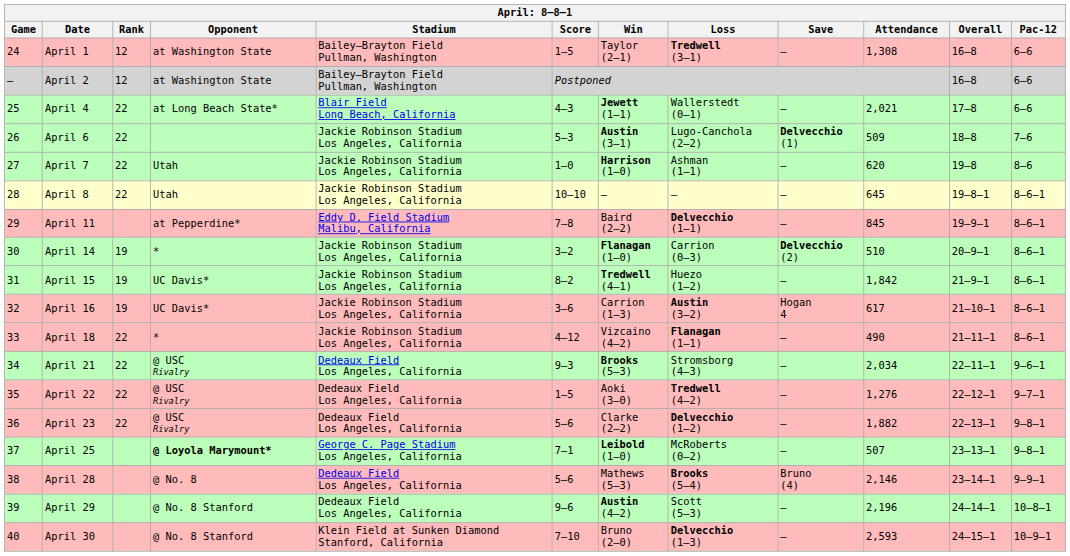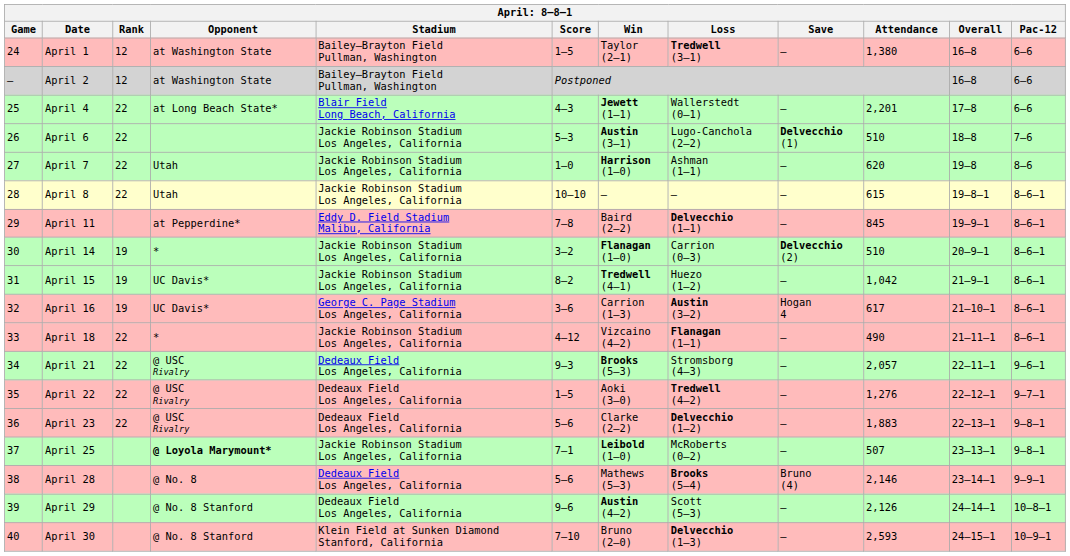 <table class="wikitable collapsible collapsed" style="margin:auto; font-size:95%; width:100%">
 <tr>
 <th colspan=12>April: 8–8–1</th>
 </tr>
 <tr>
 <th>Game</th>
 <th>Date</th>
 <th>Rank</th>
 <th>Opponent</th>
 <th>Stadium</th>
 <th>Score</th>
 <th>Win</th>
 <th>Loss</th>
 <th>Save</th>
 <th>Attendance</th>
 <th>Overall</th>
 <th>Pac-12</th>
 </tr>
 <tr style="background:  #fbb;">
 <td>24</td>
 <td>April 1</td>
 <td>12</td>
 <td>at  Washington State</td>
 <td>Bailey–Brayton Field<br>Pullman, Washington</td>
 <td>1–5</td>
 <td>Taylor <br>(2–1)</td>
 <td><strong>Tredwell</strong> <br>(3–1)</td>
 <td>—</td>
-<td>1,308</td>
+<td>1,380</td>
 <td>16–8</td>
 <td>6–6</td>
 </tr>
 <tr bgcolor="d3d3d3">
 <td>–</td>
 <td>April 2</td>
 <td>12</td>
 <td>at  Washington State</td>
 <td>Bailey–Brayton Field<br>Pullman, Washington</td>
 <td colspan="5"><em>Postponed</em> <br></td>
 <td>16–8</td>
 <td>6–6</td>
 </tr>
 <tr style="background:  #bfb;">
 <td>25</td>
 <td>April 4</td>
 <td>22</td>
 <td>at Long Beach State*</td>
 <td><a href='#'>Blair Field</a><br><a href='#'>Long Beach, California</a></td>
 <td>4–3<br></td>
 <td><strong>Jewett</strong><br>(1–1)</td>
 <td>Wallerstedt <br>(0–1)</td>
 <td>—</td>
-<td>2,021</td>
+<td>2,201</td>
 <td>17–8</td>
 <td>6–6</td>
 </tr>
 <tr style="background:  #bfb;">
 <td>26</td>
 <td>April 6</td>
 <td>22</td>
 <td></td>
 <td>Jackie Robinson Stadium<br>Los Angeles, California</td>
 <td>5–3</td>
 <td><strong>Austin</strong> <br>(3–1)</td>
 <td>Lugo-Canchola<br>(2–2)</td>
 <td><strong>Delvecchio</strong><br>(1)</td>
-<td>509</td>
+<td>510</td>
 <td>18–8</td>
 <td>7–6</td>
 </tr>
 <tr style="background:  #bfb;">
 <td>27</td>
 <td>April 7</td>
 <td>22</td>
 <td>Utah</td>
 <td>Jackie Robinson Stadium<br>Los Angeles, California</td>
 <td>1–0</td>
 <td><strong>Harrison</strong><br>(1–0)</td>
 <td>Ashman <br>(1–1)</td>
 <td>—</td>
 <td>620</td>
 <td>19–8</td>
 <td>8–6</td>
 </tr>
 <tr style="background: #ffc">
 <td>28</td>
 <td>April 8</td>
 <td>22</td>
 <td>Utah</td>
 <td>Jackie Robinson Stadium<br>Los Angeles, California</td>
 <td>10–10</td>
 <td>—</td>
 <td>—</td>
 <td>—</td>
-<td>645</td>
+<td>615</td>
 <td>19–8–1</td>
 <td>8–6–1</td>
 </tr>
 <tr style="background: #fbb;">
 <td>29</td>
 <td>April 11</td>
 <td></td>
 <td>at Pepperdine*</td>
 <td><a href='#'>Eddy D. Field Stadium</a><br><a href='#'>Malibu, California</a></td>
 <td>7–8</td>
 <td>Baird<br>(2–2)</td>
 <td><strong>Delvecchio</strong><br>(1–1)</td>
 <td>—</td>
 <td>845</td>
 <td>19–9–1</td>
 <td>8–6–1</td>
 </tr>
 <tr style="background:  #bfb;">
 <td>30</td>
 <td>April 14</td>
 <td>19</td>
 <td>*</td>
 <td>Jackie Robinson Stadium<br>Los Angeles, California</td>
 <td>3–2</td>
 <td><strong>Flanagan</strong> <br>(1–0)</td>
 <td>Carrion<br>(0–3)</td>
 <td><strong>Delvecchio</strong><br>(2)</td>
 <td>510</td>
 <td>20–9–1</td>
 <td>8–6–1</td>
 </tr>
 <tr style="background:  #bfb;">
 <td>31</td>
 <td>April 15</td>
 <td>19</td>
 <td>UC Davis*</td>
 <td>Jackie Robinson Stadium<br>Los Angeles, California</td>
 <td>8–2</td>
 <td><strong>Tredwell</strong><br>(4–1)</td>
 <td>Huezo<br>(1–2)</td>
 <td>—</td>
-<td>1,842</td>
+<td>1,042</td>
 <td>21–9–1</td>
 <td>8–6–1</td>
 </tr>
 <tr style="background: #fbb;">
 <td>32</td>
 <td>April 16</td>
 <td>19</td>
 <td>UC Davis*</td>
-<td>Jackie Robinson Stadium<br>Los Angeles, California</td>
+<td><a href='#'>George C. Page Stadium</a><br>Los Angeles, California</td>
 <td>3–6</td>
 <td>Carrion<br>(1–3)</td>
 <td><strong>Austin</strong><br>(3–2)</td>
 <td>Hogan<br>4</td>
 <td>617</td>
 <td>21–10–1</td>
 <td>8–6–1</td>
 </tr>
 <tr style="background: #fbb;">
 <td>33</td>
 <td>April 18</td>
 <td>22</td>
 <td>*</td>
 <td>Jackie Robinson Stadium<br>Los Angeles, California</td>
 <td>4–12</td>
 <td>Vizcaino<br>(4–2)</td>
 <td><strong>Flanagan</strong><br>(1–1)</td>
 <td>—</td>
 <td>490</td>
 <td>21–11–1</td>
 <td>8–6–1</td>
 </tr>
 <tr style="background:  #bfb;">
 <td>34</td>
 <td>April 21</td>
 <td>22</td>
 <td>@ USC<br> <em><small>Rivalry</small></em></td>
 <td><a href='#'>Dedeaux Field</a><br>Los Angeles, California</td>
 <td>9–3</td>
 <td><strong>Brooks</strong><br>(5–3)</td>
 <td>Stromsborg<br>(4–3)</td>
 <td>—</td>
-<td>2,034</td>
+<td>2,057</td>
 <td>22–11–1</td>
 <td>9–6–1</td>
 </tr>
 <tr style="background: #fbb;">
 <td>35</td>
 <td>April 22</td>
 <td>22</td>
 <td>@ USC<br> <em><small>Rivalry</small></em></td>
 <td>Dedeaux Field<br>Los Angeles, California</td>
 <td>1–5</td>
 <td>Aoki<br>(3–0)</td>
 <td><strong>Tredwell</strong><br>(4–2)</td>
 <td>—</td>
 <td>1,276</td>
 <td>22–12–1</td>
 <td>9–7–1</td>
 </tr>
 <tr style="background: #fbb;">
 <td>36</td>
 <td>April 23</td>
 <td>22</td>
 <td>@ USC <br><em><small>Rivalry</small></em></td>
 <td>Dedeaux Field<br>Los Angeles, California</td>
 <td>5–6</td>
 <td>Clarke<br>(2–2)</td>
 <td><strong>Delvecchio</strong><br>(1–2)</td>
 <td>—</td>
-<td>1,882</td>
+<td>1,883</td>
 <td>22–13–1</td>
 <td>9–8–1</td>
 </tr>
 <tr style="background:  #bfb;">
 <td>37</td>
 <td>April 25</td>
 <td></td>
 <td><strong>@ Loyola Marymount*</strong></td>
-<td><a href='#'>George C. Page Stadium</a><br>Los Angeles, California</td>
+<td>Jackie Robinson Stadium<br>Los Angeles, California</td>
 <td>7–1</td>
 <td><strong>Leibold</strong><br>(1–0)</td>
 <td>McRoberts<br>(0–2)</td>
 <td>—</td>
 <td>507</td>
 <td>23–13–1</td>
 <td>9–8–1</td>
 </tr>
 <tr style="background: #fbb;">
 <td>38</td>
 <td>April 28</td>
 <td></td>
 <td>@ No. 8 </td>
 <td><a href='#'>Dedeaux Field</a><br>Los Angeles, California</td>
 <td>5–6</td>
 <td>Mathews <br>(5–3)</td>
 <td><strong>Brooks</strong> <br> (5–4)</td>
 <td>Bruno <br>(4)</td>
 <td>2,146</td>
 <td>23–14–1</td>
 <td>9–9–1</td>
 </tr>
 <tr style="background: #bfb;">
 <td>39</td>
 <td>April 29</td>
 <td></td>
 <td>@  No. 8 Stanford</td>
 <td>Dedeaux Field<br>Los Angeles, California</td>
 <td>9–6</td>
 <td><strong>Austin</strong><br>(4–2)</td>
 <td>Scott<br>(5–3)</td>
 <td>—</td>
-<td>2,196</td>
+<td>2,126</td>
 <td>24–14–1</td>
 <td>10–8–1</td>
 </tr>
 <tr style="background: #fbb;">
 <td>40</td>
 <td>April 30</td>
 <td></td>
 <td>@  No. 8 Stanford</td>
 <td>Klein Field at Sunken Diamond<br>Stanford, California</td>
 <td>7–10</td>
 <td>Bruno<br>(2–0)</td>
 <td><strong>Delvecchio</strong><br>(1–3)</td>
 <td>—</td>
 <td>2,593</td>
 <td>24–15–1</td>
 <td>10–9–1</td>
 </tr>
 </table>
